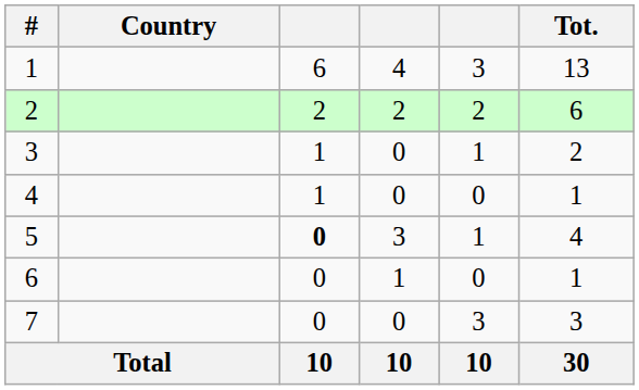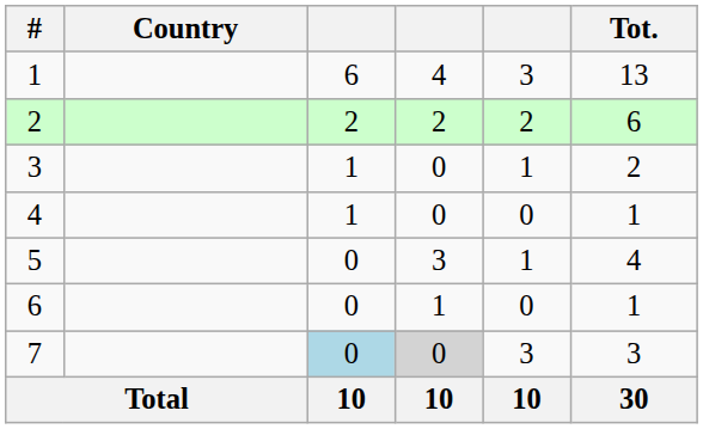 <table class="wikitable" width=30% style="font-size:100%; text-align:center;">
 <tr>
 <th>#</th>
 <th>Country</th>
 <th></th>
 <th></th>
 <th></th>
 <th>Tot.</th>
 </tr>
 <tr>
 <td>1</td>
 <td align=left></td>
 <td>6</td>
 <td>4</td>
 <td>3</td>
 <td>13</td>
 </tr>
 <tr style="background:#ccffcc;">
 <td>2</td>
 <td align=left></td>
 <td>2</td>
 <td>2</td>
 <td>2</td>
 <td>6</td>
 </tr>
 <tr>
 <td>3</td>
 <td align=left></td>
 <td>1</td>
 <td>0</td>
 <td>1</td>
 <td>2</td>
 </tr>
 <tr>
 <td>4</td>
 <td align=left></td>
 <td>1</td>
 <td>0</td>
 <td>0</td>
 <td>1</td>
 </tr>
 <tr>
 <td>5</td>
 <td align=left></td>
-<td><strong>0</strong></td>
+<td>0</td>
 <td>3</td>
 <td>1</td>
 <td>4</td>
 </tr>
 <tr>
 <td>6</td>
 <td align=left></td>
 <td>0</td>
 <td>1</td>
 <td>0</td>
 <td>1</td>
 </tr>
 <tr>
 <td>7</td>
 <td align=left></td>
-<td>0</td>
-<td>0</td>
+<td style="background: lightblue;">0</td>
+<td style="background: lightgrey;">0</td>
 <td>3</td>
 <td>3</td>
 </tr>
 <tr class="sortbottom">
 <th colspan=2>Total</th>
 <th>10</th>
 <th>10</th>
 <th>10</th>
 <th>30</th>
 </tr>
 </table>
